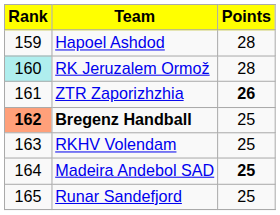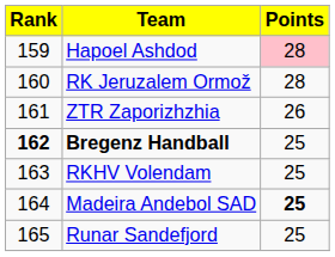 <table class="wikitable" style="text-align: center">
 <tr>
 <th style="color:#000000; background:#FFFF00">Rank</th>
 <th style="color:#000000; background:#FFFF00">Team</th>
 <th style="color:#000000; background:#FFFF00">Points</th>
 </tr>
 <tr>
 <td>159</td>
 <td align=left> <a href='#'>Hapoel Ashdod</a></td>
-<td>28</td>
+<td style="background: pink;">28</td>
 </tr>
 <tr>
-<td style="background: paleturquoise;">160</td>
+<td>160</td>
 <td align=left> <a href='#'>RK Jeruzalem Ormož</a></td>
 <td>28</td>
 </tr>
 <tr>
 <td>161</td>
 <td align=left> <a href='#'>ZTR Zaporizhzhia</a></td>
-<td><strong>26</strong></td>
+<td>26</td>
 </tr>
 <tr>
-<td style="background: lightsalmon;"><strong>162</strong></td>
+<td><strong>162</strong></td>
 <td align=left> <strong>Bregenz Handball</strong></td>
 <td>25</td>
 </tr>
 <tr>
 <td>163</td>
 <td align=left> <a href='#'>RKHV Volendam</a></td>
 <td>25</td>
 </tr>
 <tr>
 <td>164</td>
 <td align=left> <a href='#'>Madeira Andebol SAD</a></td>
 <td><strong>25</strong></td>
 </tr>
 <tr>
 <td>165</td>
 <td align=left> <a href='#'>Runar Sandefjord</a></td>
 <td>25</td>
 </tr>
 <tr>
 </tr>
 </table>
